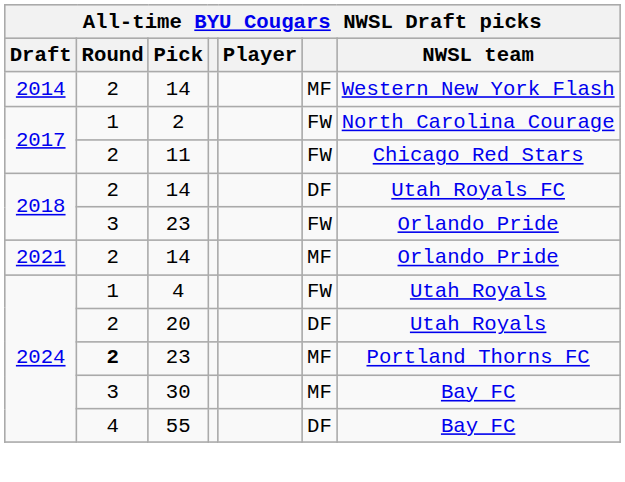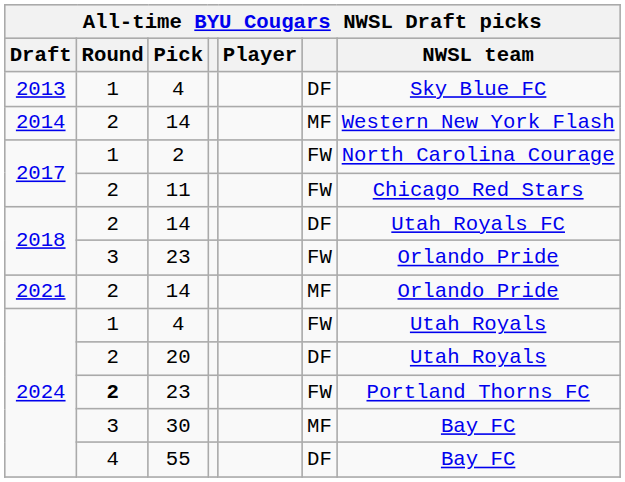 <table class="wikitable sortable" style="text-align: center;">
 <tr>
 <th colspan="7" style="background:#">All-time <a href='#'><span>BYU Cougars</span></a> NWSL Draft picks</th>
 </tr>
 <tr>
 <th scope="col">Draft</th>
 <th scope="col">Round</th>
 <th scope="col">Pick</th>
 <th scope="col"></th>
 <th scope="col">Player</th>
 <th scope="col"></th>
 <th scope="col">NWSL team</th>
+</tr>
+<tr>
+<td><a href='#'>2013</a></td>
+<td>1</td>
+<td>4</td>
+<td></td>
+<td></td>
+<td>DF</td>
+<td><a href='#'>Sky Blue FC</a></td>
 </tr>
 <tr>
 <td><a href='#'>2014</a></td>
 <td>2</td>
 <td>14</td>
 <td></td>
 <td></td>
 <td>MF</td>
 <td><a href='#'>Western New York Flash</a></td>
 </tr>
 <tr>
 <td rowspan="2"><a href='#'>2017</a></td>
 <td>1</td>
 <td>2</td>
 <td></td>
 <td></td>
 <td>FW</td>
 <td><a href='#'>North Carolina Courage</a></td>
 </tr>
 <tr>
 <td>2</td>
 <td>11</td>
 <td></td>
 <td></td>
 <td>FW</td>
 <td><a href='#'>Chicago Red Stars</a></td>
 </tr>
 <tr>
 <td rowspan="2"><a href='#'>2018</a></td>
 <td>2</td>
 <td>14</td>
 <td></td>
 <td></td>
 <td>DF</td>
 <td><a href='#'>Utah Royals FC</a></td>
 </tr>
 <tr>
 <td>3</td>
 <td>23</td>
 <td></td>
 <td></td>
 <td>FW</td>
 <td><a href='#'>Orlando Pride</a></td>
 </tr>
 <tr>
 <td><a href='#'>2021</a></td>
 <td>2</td>
 <td>14</td>
 <td></td>
 <td></td>
 <td>MF</td>
 <td><a href='#'>Orlando Pride</a></td>
 </tr>
 <tr>
 <td rowspan="5"><a href='#'>2024</a></td>
 <td>1</td>
 <td>4</td>
 <td></td>
 <td></td>
 <td>FW</td>
 <td><a href='#'>Utah Royals</a></td>
 </tr>
 <tr>
 <td>2</td>
 <td>20</td>
 <td></td>
 <td></td>
 <td>DF</td>
 <td><a href='#'>Utah Royals</a></td>
 </tr>
 <tr>
 <td><strong>2</strong></td>
 <td>23</td>
 <td></td>
 <td></td>
-<td>MF</td>
+<td>FW</td>
 <td><a href='#'>Portland Thorns FC</a></td>
 </tr>
 <tr>
 <td>3</td>
 <td>30</td>
 <td></td>
 <td></td>
 <td>MF</td>
 <td><a href='#'>Bay FC</a></td>
 </tr>
 <tr>
 <td>4</td>
 <td>55</td>
 <td></td>
 <td></td>
 <td>DF</td>
 <td><a href='#'>Bay FC</a></td>
 </tr>
 </table>
